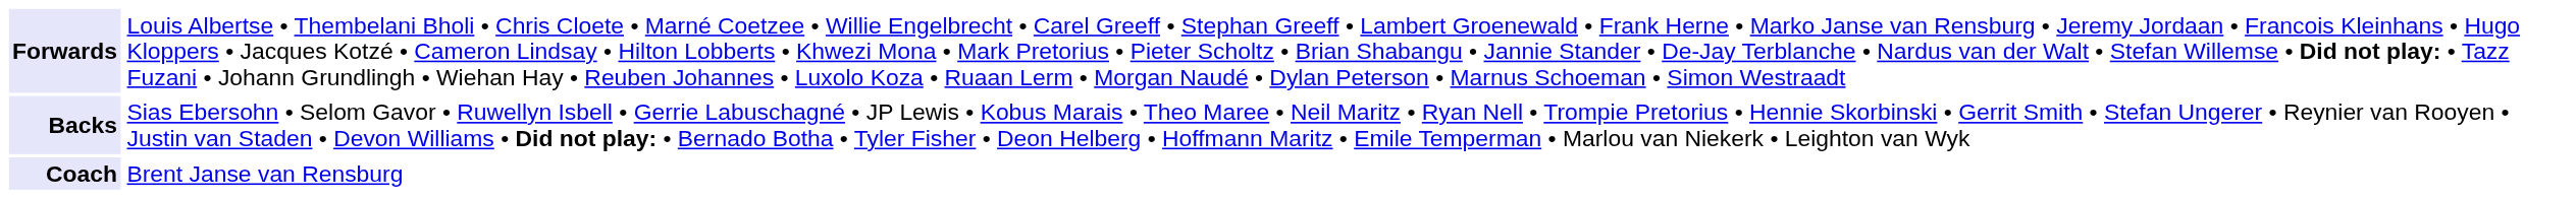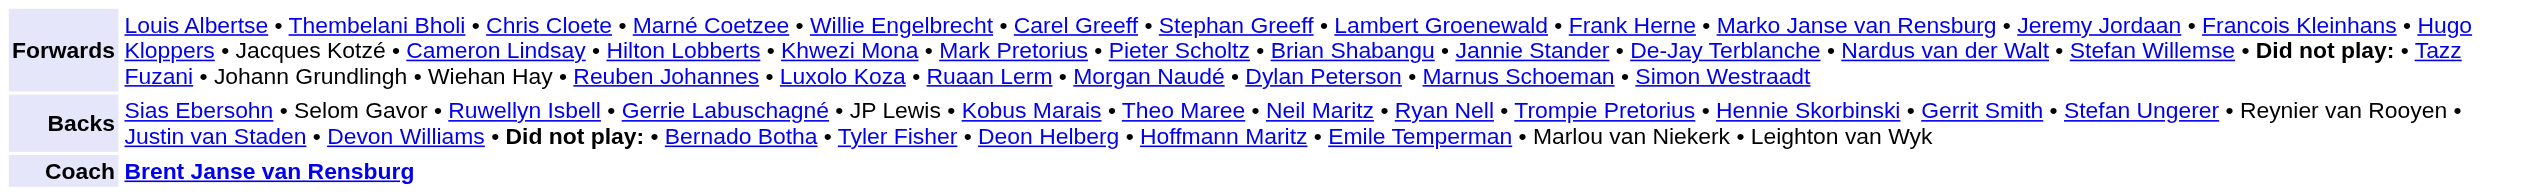 <table cellpadding="2" style="border: 1px solid white; font-size:90%;">
 <tr>
 <td style="text-align:right;" bgcolor="lavender"><strong>Forwards</strong></td>
 <td style="text-align:left;"><a href='#'>Louis Albertse</a> • <a href='#'>Thembelani Bholi</a> • <a href='#'>Chris Cloete</a> • <a href='#'>Marné Coetzee</a> • <a href='#'>Willie Engelbrecht</a> • <a href='#'>Carel Greeff</a> • <a href='#'>Stephan Greeff</a> • <a href='#'>Lambert Groenewald</a> • <a href='#'>Frank Herne</a> • <a href='#'>Marko Janse van Rensburg</a> • <a href='#'>Jeremy Jordaan</a> • <a href='#'>Francois Kleinhans</a> • <a href='#'>Hugo Kloppers</a> • Jacques Kotzé • <a href='#'>Cameron Lindsay</a> • <a href='#'>Hilton Lobberts</a> • <a href='#'>Khwezi Mona</a> • <a href='#'>Mark Pretorius</a> • <a href='#'>Pieter Scholtz</a> • <a href='#'>Brian Shabangu</a> • <a href='#'>Jannie Stander</a> • <a href='#'>De-Jay Terblanche</a> • <a href='#'>Nardus van der Walt</a> • <a href='#'>Stefan Willemse</a> • <strong>Did not play:</strong> • <a href='#'>Tazz Fuzani</a> • Johann Grundlingh • Wiehan Hay • <a href='#'>Reuben Johannes</a> • <a href='#'>Luxolo Koza</a> • <a href='#'>Ruaan Lerm</a> • <a href='#'>Morgan Naudé</a> • <a href='#'>Dylan Peterson</a> • <a href='#'>Marnus Schoeman</a> • <a href='#'>Simon Westraadt</a></td>
 </tr>
 <tr>
 <td style="text-align:right;" bgcolor="lavender"><strong>Backs</strong></td>
 <td style="text-align:left;"><a href='#'>Sias Ebersohn</a> • Selom Gavor • <a href='#'>Ruwellyn Isbell</a> • <a href='#'>Gerrie Labuschagné</a> • JP Lewis • <a href='#'>Kobus Marais</a> • <a href='#'>Theo Maree</a> • <a href='#'>Neil Maritz</a> • <a href='#'>Ryan Nell</a> • <a href='#'>Trompie Pretorius</a> • <a href='#'>Hennie Skorbinski</a> • <a href='#'>Gerrit Smith</a> • <a href='#'>Stefan Ungerer</a> • Reynier van Rooyen • <a href='#'>Justin van Staden</a> • <a href='#'>Devon Williams</a> • <strong>Did not play:</strong> • <a href='#'>Bernado Botha</a> • <a href='#'>Tyler Fisher</a> • <a href='#'>Deon Helberg</a> • <a href='#'>Hoffmann Maritz</a> • <a href='#'>Emile Temperman</a> • Marlou van Niekerk • Leighton van Wyk</td>
 </tr>
 <tr>
 <td style="text-align:right;" bgcolor="lavender"><strong>Coach</strong></td>
-<td style="text-align:left;"><a href='#'>Brent Janse van Rensburg</a></td>
+<td style="text-align:left;"><strong><a href='#'>Brent Janse van Rensburg</a></strong></td>
 </tr>
 </table>
